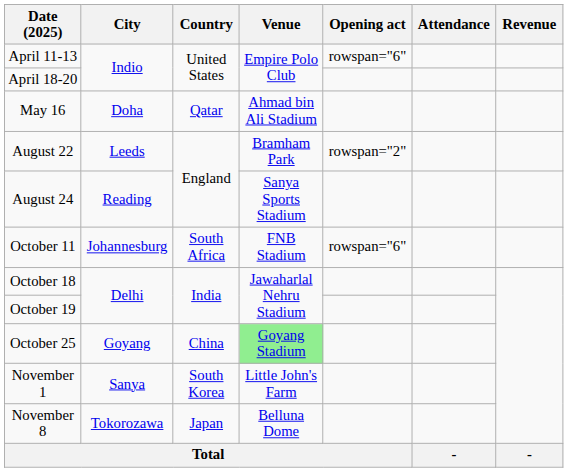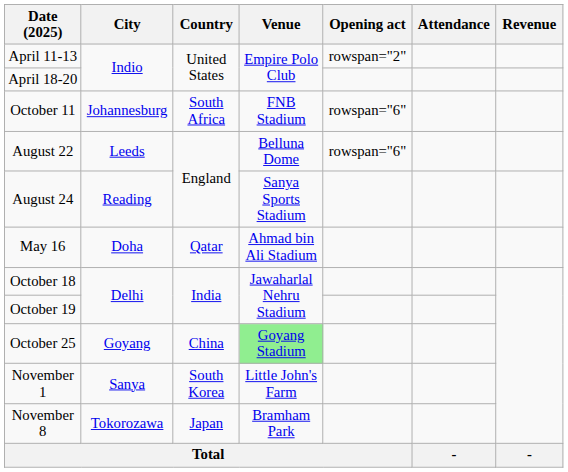 <table class="wikitable plainrowheaders" style="text-align:center;">
 <tr>
 <th scope="col" style="width:12em;">Date (2025)</th>
 <th scope="col" style="width:10em;">City</th>
 <th scope="col" style="width:10em;">Country</th>
 <th scope="col" style="width:18em;">Venue</th>
 <th scope="col" style="width:10em;">Opening act</th>
 <th scope="col" style="width:10em;">Attendance</th>
 <th scope="col" style="width:10em;">Revenue</th>
 </tr>
 <tr>
 <td>April 11-13</td>
 <td rowspan="2"><a href='#'>Indio</a></td>
 <td rowspan="2">United States</td>
 <td rowspan="2"><a href='#'>Empire Polo Club</a></td>
-<td>rowspan="6" </td>
+<td>rowspan="2" </td>
 <td></td>
 <td></td>
 </tr>
 <tr>
 <td>April 18-20</td>
 <td></td>
 <td></td>
 </tr>
 <tr>
-<td>May 16</td>
-<td><a href='#'>Doha</a></td>
-<td><a href='#'>Qatar</a></td>
-<td><a href='#'>Ahmad bin Ali Stadium</a></td>
-<td></td>
+<td>October 11</td>
+<td><a href='#'>Johannesburg</a></td>
+<td><a href='#'>South Africa</a></td>
+<td><a href='#'>FNB Stadium</a></td>
+<td>rowspan="6" </td>
 <td></td>
 <td></td>
 </tr>
 <tr>
 <td>August 22</td>
 <td><a href='#'>Leeds</a></td>
 <td rowspan="2">England</td>
-<td><a href='#'>Bramham Park</a></td>
-<td>rowspan="2" </td>
+<td><a href='#'>Belluna Dome</a></td>
+<td>rowspan="6" </td>
 <td></td>
 <td></td>
 </tr>
 <tr>
 <td>August 24</td>
 <td><a href='#'>Reading</a></td>
 <td><a href='#'>Sanya Sports Stadium</a></td>
 <td></td>
 <td></td>
 </tr>
 <tr>
-<td>October 11</td>
-<td><a href='#'>Johannesburg</a></td>
-<td><a href='#'>South Africa</a></td>
-<td><a href='#'>FNB Stadium</a></td>
-<td>rowspan="6" </td>
+<td>May 16</td>
+<td><a href='#'>Doha</a></td>
+<td><a href='#'>Qatar</a></td>
+<td><a href='#'>Ahmad bin Ali Stadium</a></td>
+<td></td>
 <td></td>
 <td></td>
 </tr>
 <tr>
 <td>October 18</td>
 <td rowspan="2"><a href='#'>Delhi</a></td>
 <td rowspan="2"><a href='#'>India</a></td>
 <td rowspan="2"><a href='#'>Jawaharlal Nehru Stadium</a></td>
 <td></td>
 <td></td>
 </tr>
 <tr>
 <td>October 19</td>
 <td></td>
 <td></td>
 </tr>
 <tr>
 <td>October 25</td>
 <td><a href='#'>Goyang</a></td>
 <td><a href='#'>China</a></td>
 <td style="background: lightgreen;"><a href='#'>Goyang Stadium</a></td>
 <td></td>
 <td></td>
 </tr>
 <tr>
 <td>November 1</td>
 <td><a href='#'>Sanya</a></td>
 <td><a href='#'>South Korea</a></td>
 <td><a href='#'>Little John's Farm</a></td>
 <td></td>
 <td></td>
 </tr>
 <tr>
 <td>November 8</td>
 <td><a href='#'>Tokorozawa</a></td>
 <td><a href='#'>Japan</a></td>
-<td><a href='#'>Belluna Dome</a></td>
+<td><a href='#'>Bramham Park</a></td>
 <td></td>
 <td></td>
 </tr>
 <tr>
 <th colspan="5">Total</th>
 <th>-</th>
 <th>-</th>
 </tr>
 </table>
